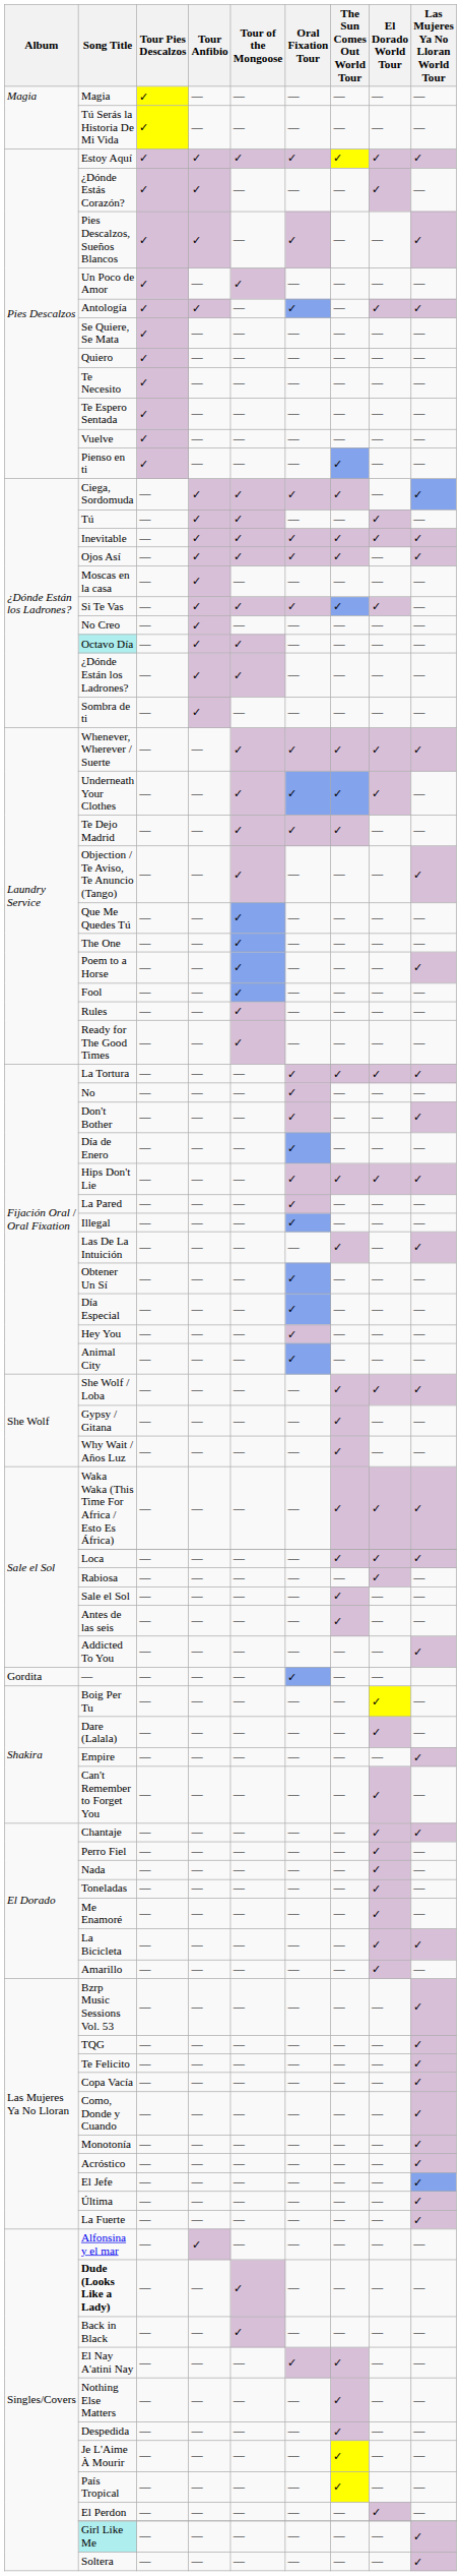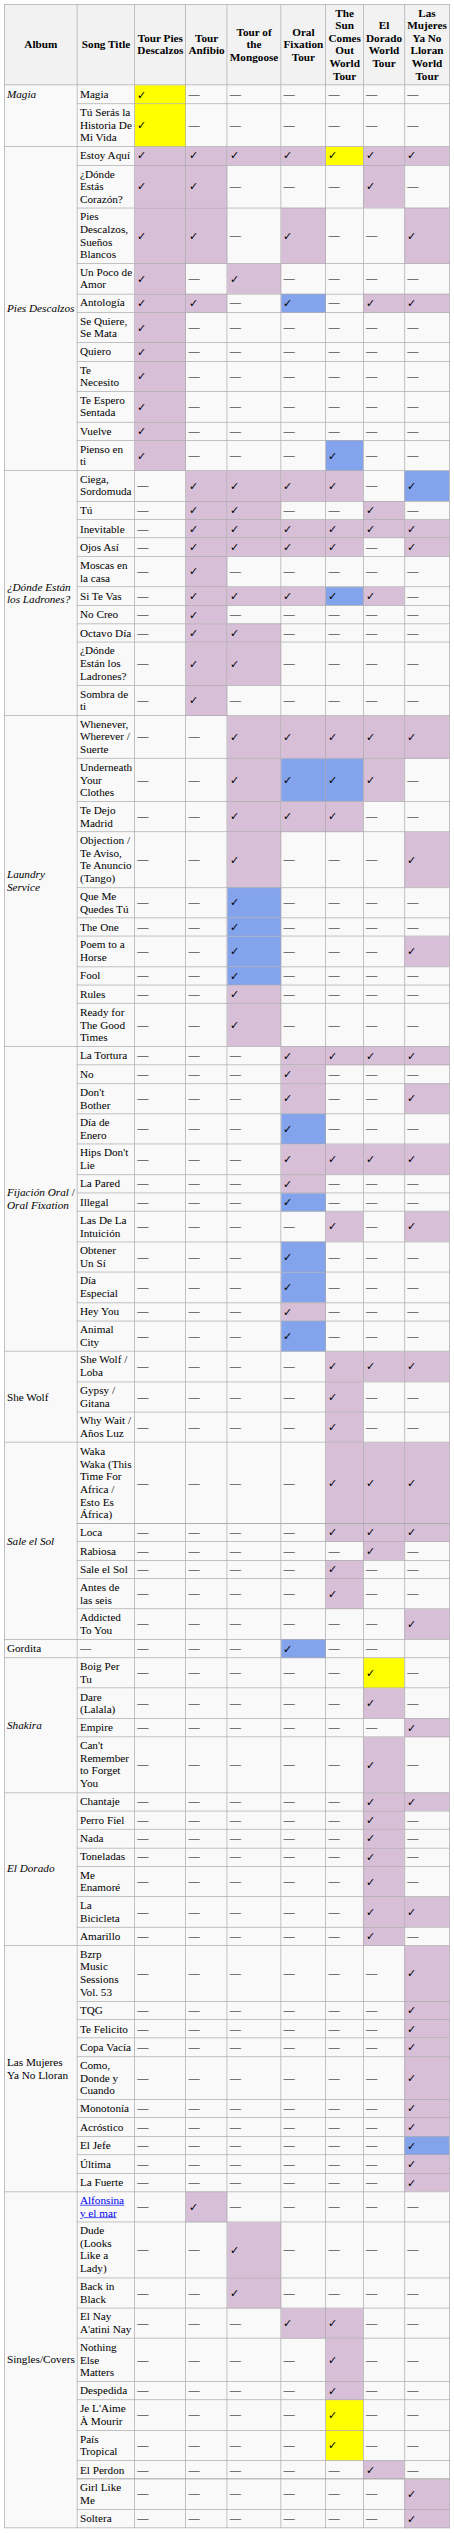 <table class="wikitable">
 <tr>
 <th>Album</th>
 <th>Song Title</th>
 <th>Tour Pies Descalzos</th>
 <th>Tour Anfibio</th>
 <th>Tour of the Mongoose</th>
 <th>Oral Fixation Tour</th>
 <th>The Sun Comes Out World Tour</th>
 <th>El Dorado World Tour</th>
 <th>Las Mujeres Ya No Lloran World Tour</th>
 </tr>
 <tr valign="top">
 <td rowspan="2"><em>Magia</em></td>
 <td>Magia</td>
 <td style="background-color:#ffff00">✓</td>
 <td>—</td>
 <td>—</td>
 <td>—</td>
 <td>—</td>
 <td>—</td>
 <td>—</td>
 </tr>
 <tr>
 <td>Tú Serás la Historia De Mi Vida</td>
 <td style="background-color:#ffff00">✓</td>
 <td>—</td>
 <td>—</td>
 <td>—</td>
 <td>—</td>
 <td>—</td>
 <td>—</td>
 </tr>
 <tr>
 <td rowspan="11"><em>Pies Descalzos</em></td>
 <td>Estoy Aquí</td>
 <td style="background-color:#D8BFD8">✓</td>
 <td style="background-color:#D8BFD8">✓</td>
 <td style="background-color:#D8BFD8">✓</td>
 <td style="background-color:#D8BFD8">✓</td>
 <td style="background-color:#ffff00">✓</td>
 <td style="background-color:#D8BFD8">✓</td>
 <td style="background-color:#D8BFD8">✓</td>
 </tr>
 <tr>
 <td>¿Dónde Estás Corazón?</td>
 <td style="background-color:#D8BFD8">✓</td>
 <td style="background-color:#D8BFD8">✓</td>
 <td>—</td>
 <td>—</td>
 <td>—</td>
 <td style="background-color:#D8BFD8">✓</td>
 <td>—</td>
 </tr>
 <tr>
 <td>Pies Descalzos, Sueños Blancos</td>
 <td style="background-color:#D8BFD8">✓</td>
 <td style="background-color:#D8BFD8">✓</td>
 <td>—</td>
 <td style="background-color:#D8BFD8">✓</td>
 <td>—</td>
 <td>—</td>
 <td style="background-color:#D8BFD8">✓</td>
 </tr>
 <tr>
 <td>Un Poco de Amor</td>
 <td style="background-color:#D8BFD8">✓</td>
 <td>—</td>
 <td style="background-color:#D8BFD8">✓</td>
 <td>—</td>
 <td>—</td>
 <td>—</td>
 <td>—</td>
 </tr>
 <tr>
 <td>Antología</td>
 <td style="background-color:#D8BFD8">✓</td>
 <td style="background-color:#D8BFD8">✓</td>
 <td>—</td>
 <td style="background-color:#83a3ec">✓</td>
 <td>—</td>
 <td style="background-color:#D8BFD8">✓</td>
 <td style="background-color:#D8BFD8">✓</td>
 </tr>
 <tr>
 <td>Se Quiere, Se Mata</td>
 <td style="background-color:#D8BFD8">✓</td>
 <td>—</td>
 <td>—</td>
 <td>—</td>
 <td>—</td>
 <td>—</td>
 <td>—</td>
 </tr>
 <tr>
 <td>Quiero</td>
 <td style="background-color:#D8BFD8">✓</td>
 <td>—</td>
 <td>—</td>
 <td>—</td>
 <td>—</td>
 <td>—</td>
 <td>—</td>
 </tr>
 <tr>
 <td>Te Necesito</td>
 <td style="background-color:#D8BFD8">✓</td>
 <td>—</td>
 <td>—</td>
 <td>—</td>
 <td>—</td>
 <td>—</td>
 <td>—</td>
 </tr>
 <tr>
 <td>Te Espero Sentada</td>
 <td style="background-color:#D8BFD8">✓</td>
 <td>—</td>
 <td>—</td>
 <td>—</td>
 <td>—</td>
 <td>—</td>
 <td>—</td>
 </tr>
 <tr>
 <td>Vuelve</td>
 <td style="background-color:#D8BFD8">✓</td>
 <td>—</td>
 <td>—</td>
 <td>—</td>
 <td>—</td>
 <td>—</td>
 <td>—</td>
 </tr>
 <tr>
 <td>Pienso en ti</td>
 <td style="background-color:#D8BFD8">✓</td>
 <td>—</td>
 <td>—</td>
 <td>—</td>
 <td style="background-color:#83a3ec">✓</td>
 <td>—</td>
 <td>—</td>
 </tr>
 <tr>
 <td rowspan="10"><em>¿Dónde Están los Ladrones?</em></td>
 <td>Ciega, Sordomuda</td>
 <td>—</td>
 <td style="background-color:#D8BFD8">✓</td>
 <td style="background-color:#D8BFD8">✓</td>
 <td style="background-color:#D8BFD8">✓</td>
 <td style="background-color:#D8BFD8">✓</td>
 <td>—</td>
 <td style="background-color:#83a3ec">✓</td>
 </tr>
 <tr>
 <td>Tú</td>
 <td>—</td>
 <td style="background-color:#D8BFD8">✓</td>
 <td style="background-color:#D8BFD8">✓</td>
 <td>—</td>
 <td>—</td>
 <td style="background-color:#D8BFD8">✓</td>
 <td>—</td>
 </tr>
 <tr>
 <td>Inevitable</td>
 <td>—</td>
 <td style="background-color:#D8BFD8">✓</td>
 <td style="background-color:#D8BFD8">✓</td>
 <td style="background-color:#D8BFD8">✓</td>
 <td style="background-color:#D8BFD8">✓</td>
 <td style="background-color:#D8BFD8">✓</td>
 <td style="background-color:#D8BFD8">✓</td>
 </tr>
 <tr>
 <td>Ojos Así</td>
 <td>—</td>
 <td style="background-color:#D8BFD8">✓</td>
 <td style="background-color:#D8BFD8">✓</td>
 <td style="background-color:#D8BFD8">✓</td>
 <td style="background-color:#D8BFD8">✓</td>
 <td>—</td>
 <td style="background-color:#D8BFD8">✓</td>
 </tr>
 <tr>
 <td>Moscas en la casa</td>
 <td>—</td>
 <td style="background-color:#D8BFD8">✓</td>
 <td>—</td>
 <td>—</td>
 <td>—</td>
 <td>—</td>
 <td>—</td>
 </tr>
 <tr>
 <td>Si Te Vas</td>
 <td>—</td>
 <td style="background-color:#D8BFD8">✓</td>
 <td style="background-color:#D8BFD8">✓</td>
 <td style="background-color:#D8BFD8">✓</td>
 <td style="background-color:#83a3ec">✓</td>
 <td style="background-color:#D8BFD8">✓</td>
 <td>—</td>
 </tr>
 <tr>
 <td>No Creo</td>
 <td>—</td>
 <td style="background-color:#D8BFD8">✓</td>
 <td>—</td>
 <td>—</td>
 <td>—</td>
 <td>—</td>
 <td>—</td>
 </tr>
 <tr>
-<td style="background: paleturquoise;">Octavo Día</td>
+<td>Octavo Día</td>
 <td>—</td>
 <td style="background-color:#D8BFD8">✓</td>
 <td style="background-color:#D8BFD8">✓</td>
 <td>—</td>
 <td>—</td>
 <td>—</td>
 <td>—</td>
 </tr>
 <tr>
 <td>¿Dónde Están los Ladrones?</td>
 <td>—</td>
 <td style="background-color:#D8BFD8">✓</td>
 <td style="background-color:#D8BFD8">✓</td>
 <td>—</td>
 <td>—</td>
 <td>—</td>
 <td>—</td>
 </tr>
 <tr>
 <td>Sombra de ti</td>
 <td>—</td>
 <td style="background-color:#D8BFD8">✓</td>
 <td>—</td>
 <td>—</td>
 <td>—</td>
 <td>—</td>
 <td>—</td>
 </tr>
 <tr>
 <td rowspan="10"><em>Laundry Service</em></td>
 <td>Whenever, Wherever / Suerte</td>
 <td>—</td>
 <td>—</td>
 <td style="background-color:#D8BFD8">✓</td>
 <td style="background-color:#D8BFD8">✓</td>
 <td style="background-color:#D8BFD8">✓</td>
 <td style="background-color:#D8BFD8">✓</td>
 <td style="background-color:#D8BFD8">✓</td>
 </tr>
 <tr>
 <td>Underneath Your Clothes</td>
 <td>—</td>
 <td>—</td>
 <td style="background-color:#D8BFD8">✓</td>
 <td style="background-color:#83a3ec">✓</td>
 <td style="background-color:#83a3ec">✓</td>
 <td style="background-color:#D8BFD8">✓</td>
 <td>—</td>
 </tr>
 <tr>
 <td>Te Dejo Madrid</td>
 <td>—</td>
 <td>—</td>
 <td style="background-color:#D8BFD8">✓</td>
 <td style="background-color:#D8BFD8">✓</td>
 <td style="background-color:#D8BFD8">✓</td>
 <td>—</td>
 <td>—</td>
 </tr>
 <tr>
 <td>Objection / Te Aviso, Te Anuncio (Tango)</td>
 <td>—</td>
 <td>—</td>
 <td style="background-color:#D8BFD8">✓</td>
 <td>—</td>
 <td>—</td>
 <td>—</td>
 <td style="background-color:#D8BFD8">✓</td>
 </tr>
 <tr>
 <td>Que Me Quedes Tú</td>
 <td>—</td>
 <td>—</td>
 <td style="background-color:#83a3ec">✓</td>
 <td>—</td>
 <td>—</td>
 <td>—</td>
 <td>—</td>
 </tr>
 <tr>
 <td>The One</td>
 <td>—</td>
 <td>—</td>
 <td style="background-color:#83a3ec">✓</td>
 <td>—</td>
 <td>—</td>
 <td>—</td>
 <td>—</td>
 </tr>
 <tr>
 <td>Poem to a Horse</td>
 <td>—</td>
 <td>—</td>
 <td style="background-color:#83a3ec">✓</td>
 <td>—</td>
 <td>—</td>
 <td>—</td>
 <td style="background-color:#D8BFD8">✓</td>
 </tr>
 <tr>
 <td>Fool</td>
 <td>—</td>
 <td>—</td>
 <td style="background-color:#83a3ec">✓</td>
 <td>—</td>
 <td>—</td>
 <td>—</td>
 <td>—</td>
 </tr>
 <tr>
 <td>Rules</td>
 <td>—</td>
 <td>—</td>
 <td style="background-color:#D8BFD8">✓</td>
 <td>—</td>
 <td>—</td>
 <td>—</td>
 <td>—</td>
 </tr>
 <tr>
 <td>Ready for The Good Times</td>
 <td>—</td>
 <td>—</td>
 <td style="background-color:#D8BFD8">✓</td>
 <td>—</td>
 <td>—</td>
 <td>—</td>
 <td>—</td>
 </tr>
 <tr>
 <td rowspan="12"><em>Fijación Oral</em> / <em>Oral Fixation</em></td>
 <td>La Tortura</td>
 <td>—</td>
 <td>—</td>
 <td>—</td>
 <td style="background-color:#D8BFD8">✓</td>
 <td style="background-color:#D8BFD8">✓</td>
 <td style="background-color:#D8BFD8">✓</td>
 <td style="background-color:#D8BFD8">✓</td>
 </tr>
 <tr>
 <td>No</td>
 <td>—</td>
 <td>—</td>
 <td>—</td>
 <td style="background-color:#D8BFD8">✓</td>
 <td>—</td>
 <td>—</td>
 <td>—</td>
 </tr>
 <tr>
 <td>Don't Bother</td>
 <td>—</td>
 <td>—</td>
 <td>—</td>
 <td style="background-color:#D8BFD8">✓</td>
 <td>—</td>
 <td>—</td>
 <td style="background-color:#D8BFD8">✓</td>
 </tr>
 <tr>
 <td>Día de Enero</td>
 <td>—</td>
 <td>—</td>
 <td>—</td>
 <td style="background-color:#83a3ec">✓</td>
 <td>—</td>
 <td>—</td>
 <td>—</td>
 </tr>
 <tr>
 <td>Hips Don't Lie</td>
 <td>—</td>
 <td>—</td>
 <td>—</td>
 <td style="background-color:#D8BFD8">✓</td>
 <td style="background-color:#D8BFD8">✓</td>
 <td style="background-color:#D8BFD8">✓</td>
 <td style="background-color:#D8BFD8">✓</td>
 </tr>
 <tr>
 <td>La Pared</td>
 <td>—</td>
 <td>—</td>
 <td>—</td>
 <td style="background-color:#D8BFD8">✓</td>
 <td>—</td>
 <td>—</td>
 <td>—</td>
 </tr>
 <tr>
 <td>Illegal</td>
 <td>—</td>
 <td>—</td>
 <td>—</td>
 <td style="background-color:#83a3ec">✓</td>
 <td>—</td>
 <td>—</td>
 <td>—</td>
 </tr>
 <tr>
 <td>Las De La Intuición</td>
 <td>—</td>
 <td>—</td>
 <td>—</td>
 <td>—</td>
 <td style="background-color:#D8BFD8">✓</td>
 <td>—</td>
 <td style="background-color:#D8BFD8">✓</td>
 </tr>
 <tr>
 <td>Obtener Un Sí</td>
 <td>—</td>
 <td>—</td>
 <td>—</td>
 <td style="background-color:#83a3ec">✓</td>
 <td>—</td>
 <td>—</td>
 <td>—</td>
 </tr>
 <tr>
 <td>Día Especial</td>
 <td>—</td>
 <td>—</td>
 <td>—</td>
 <td style="background-color:#83a3ec">✓</td>
 <td>—</td>
 <td>—</td>
 <td>—</td>
 </tr>
 <tr>
 <td>Hey You</td>
 <td>—</td>
 <td>—</td>
 <td>—</td>
 <td style="background-color:#D8BFD8">✓</td>
 <td>—</td>
 <td>—</td>
 <td>—</td>
 </tr>
 <tr>
 <td>Animal City</td>
 <td>—</td>
 <td>—</td>
 <td>—</td>
 <td style="background-color:#83a3ec">✓</td>
 <td>—</td>
 <td>—</td>
 <td>—</td>
 </tr>
 <tr>
 <td rowspan="3">She Wolf</td>
 <td>She Wolf / Loba</td>
 <td>—</td>
 <td>—</td>
 <td>—</td>
 <td>—</td>
 <td style="background-color:#D8BFD8">✓</td>
 <td style="background-color:#D8BFD8">✓</td>
 <td style="background-color:#D8BFD8">✓</td>
 </tr>
 <tr>
 <td>Gypsy / Gitana</td>
 <td>—</td>
 <td>—</td>
 <td>—</td>
 <td>—</td>
 <td style="background-color:#D8BFD8">✓</td>
 <td>—</td>
 <td>—</td>
 </tr>
 <tr>
 <td>Why Wait / Años Luz</td>
 <td>—</td>
 <td>—</td>
 <td>—</td>
 <td>—</td>
 <td style="background-color:#D8BFD8">✓</td>
 <td>—</td>
 <td>—</td>
 </tr>
 <tr>
 <td rowspan="7"><em>Sale el Sol</em></td>
 <td>Waka Waka (This Time For Africa / Esto Es África)</td>
 <td>—</td>
 <td>—</td>
 <td>—</td>
 <td>—</td>
 <td style="background-color:#D8BFD8">✓</td>
 <td style="background-color:#D8BFD8">✓</td>
 <td style="background-color:#D8BFD8">✓</td>
 </tr>
 <tr>
 </tr>
 <tr>
 <td>Loca</td>
 <td>—</td>
 <td>—</td>
 <td>—</td>
 <td>—</td>
 <td style="background-color:#D8BFD8">✓</td>
 <td style="background-color:#D8BFD8">✓</td>
 <td style="background-color:#D8BFD8">✓</td>
 </tr>
 <tr>
 <td>Rabiosa</td>
 <td>—</td>
 <td>—</td>
 <td>—</td>
 <td>—</td>
 <td>—</td>
 <td style="background-color:#D8BFD8">✓</td>
 <td>—</td>
 </tr>
 <tr>
 <td>Sale el Sol</td>
 <td>—</td>
 <td>—</td>
 <td>—</td>
 <td>—</td>
 <td style="background-color:#D8BFD8">✓</td>
 <td>—</td>
 <td>—</td>
 </tr>
 <tr>
 <td>Antes de las seis</td>
 <td>—</td>
 <td>—</td>
 <td>—</td>
 <td>—</td>
 <td style="background-color:#D8BFD8">✓</td>
 <td>—</td>
 <td>—</td>
 </tr>
 <tr>
 <td>Addicted To You</td>
 <td>—</td>
 <td>—</td>
 <td>—</td>
 <td>—</td>
 <td>—</td>
 <td>—</td>
 <td style="background-color:#D8BFD8">✓</td>
 </tr>
 <tr>
 <td>Gordita</td>
 <td>—</td>
 <td>—</td>
 <td>—</td>
 <td>—</td>
 <td style="background-color:#83a3ec">✓</td>
 <td>—</td>
 <td>—</td>
 </tr>
 <tr>
 <td rowspan="4"><em>Shakira</em></td>
 <td>Boig Per Tu</td>
 <td>—</td>
 <td>—</td>
 <td>—</td>
 <td>—</td>
 <td>—</td>
 <td style="background-color:#ffff00">✓</td>
 <td>—</td>
 </tr>
 <tr>
 <td>Dare (Lalala)</td>
 <td>—</td>
 <td>—</td>
 <td>—</td>
 <td>—</td>
 <td>—</td>
 <td style="background-color:#D8BFD8">✓</td>
 <td>—</td>
 </tr>
 <tr>
 <td>Empire</td>
 <td>—</td>
 <td>—</td>
 <td>—</td>
 <td>—</td>
 <td>—</td>
 <td>—</td>
 <td style="background-color:#D8BFD8">✓</td>
 </tr>
 <tr>
 <td>Can't Remember to Forget You</td>
 <td>—</td>
 <td>—</td>
 <td>—</td>
 <td>—</td>
 <td>—</td>
 <td style="background-color:#D8BFD8">✓</td>
 <td>—</td>
 </tr>
 <tr>
 <td rowspan="7"><em>El Dorado</em></td>
 <td>Chantaje</td>
 <td>—</td>
 <td>—</td>
 <td>—</td>
 <td>—</td>
 <td>—</td>
 <td style="background-color:#D8BFD8">✓</td>
 <td style="background-color:#D8BFD8">✓</td>
 </tr>
 <tr>
 <td>Perro Fiel</td>
 <td>—</td>
 <td>—</td>
 <td>—</td>
 <td>—</td>
 <td>—</td>
 <td style="background-color:#D8BFD8">✓</td>
 <td>—</td>
 </tr>
 <tr>
 <td>Nada</td>
 <td>—</td>
 <td>—</td>
 <td>—</td>
 <td>—</td>
 <td>—</td>
 <td style="background-color:#D8BFD8">✓</td>
 <td>—</td>
 </tr>
 <tr>
 <td>Toneladas</td>
 <td>—</td>
 <td>—</td>
 <td>—</td>
 <td>—</td>
 <td>—</td>
 <td style="background-color:#D8BFD8">✓</td>
 <td>—</td>
 </tr>
 <tr>
 <td>Me Enamoré</td>
 <td>—</td>
 <td>—</td>
 <td>—</td>
 <td>—</td>
 <td>—</td>
 <td style="background-color:#D8BFD8">✓</td>
 <td>—</td>
 </tr>
 <tr>
 <td>La Bicicleta</td>
 <td>—</td>
 <td>—</td>
 <td>—</td>
 <td>—</td>
 <td>—</td>
 <td style="background-color:#D8BFD8">✓</td>
 <td style="background-color:#D8BFD8">✓</td>
 </tr>
 <tr>
 <td>Amarillo</td>
 <td>—</td>
 <td>—</td>
 <td>—</td>
 <td>—</td>
 <td>—</td>
 <td style="background-color:#D8BFD8">✓</td>
 <td>—</td>
 </tr>
 <tr>
 <td rowspan="10">Las Mujeres Ya No Lloran</td>
 <td>Bzrp Music Sessions Vol. 53</td>
 <td>—</td>
 <td>—</td>
 <td>—</td>
 <td>—</td>
 <td>—</td>
 <td>—</td>
 <td style="background-color:#D8BFD8">✓</td>
 </tr>
 <tr>
 <td>TQG</td>
 <td>—</td>
 <td>—</td>
 <td>—</td>
 <td>—</td>
 <td>—</td>
 <td>—</td>
 <td style="background-color:#D8BFD8">✓</td>
 </tr>
 <tr>
 <td>Te Felicito</td>
 <td>—</td>
 <td>—</td>
 <td>—</td>
 <td>—</td>
 <td>—</td>
 <td>—</td>
 <td style="background-color:#D8BFD8">✓</td>
 </tr>
 <tr>
 <td>Copa Vacía</td>
 <td>—</td>
 <td>—</td>
 <td>—</td>
 <td>—</td>
 <td>—</td>
 <td>—</td>
 <td style="background-color:#D8BFD8">✓</td>
 </tr>
 <tr>
 <td>Como, Donde y Cuando</td>
 <td>—</td>
 <td>—</td>
 <td>—</td>
 <td>—</td>
 <td>—</td>
 <td>—</td>
 <td style="background-color:#D8BFD8">✓</td>
 </tr>
 <tr>
 <td>Monotonía</td>
 <td>—</td>
 <td>—</td>
 <td>—</td>
 <td>—</td>
 <td>—</td>
 <td>—</td>
 <td style="background-color:#D8BFD8">✓</td>
 </tr>
 <tr>
 <td>Acróstico</td>
 <td>—</td>
 <td>—</td>
 <td>—</td>
 <td>—</td>
 <td>—</td>
 <td>—</td>
 <td style="background-color:#D8BFD8">✓</td>
 </tr>
 <tr>
 <td>El Jefe</td>
 <td>—</td>
 <td>—</td>
 <td>—</td>
 <td>—</td>
 <td>—</td>
 <td>—</td>
 <td style="background-color:#83a3ec">✓</td>
 </tr>
 <tr>
 <td>Última</td>
 <td>—</td>
 <td>—</td>
 <td>—</td>
 <td>—</td>
 <td>—</td>
 <td>—</td>
 <td style="background-color:#D8BFD8">✓</td>
 </tr>
 <tr>
 <td>La Fuerte</td>
 <td>—</td>
 <td>—</td>
 <td>—</td>
 <td>—</td>
 <td>—</td>
 <td>—</td>
 <td style="background-color:#D8BFD8">✓</td>
 </tr>
 <tr>
 <td rowspan="12">Singles/Covers</td>
 <td><a href='#'>Alfonsina y el mar</a></td>
 <td>—</td>
 <td style="background-color:#D8BFD8">✓</td>
 <td>—</td>
 <td>—</td>
 <td>—</td>
 <td>—</td>
 <td>—</td>
 </tr>
 <tr>
-<td><strong>Dude (Looks Like a Lady)</strong></td>
+<td>Dude (Looks Like a Lady)</td>
 <td>—</td>
 <td>—</td>
 <td style="background-color:#D8BFD8">✓</td>
 <td>—</td>
 <td>—</td>
 <td>—</td>
 <td>—</td>
 </tr>
 <tr>
 <td>Back in Black</td>
 <td>—</td>
 <td>—</td>
 <td style="background-color:#D8BFD8">✓</td>
 <td>—</td>
 <td>—</td>
 <td>—</td>
 <td>—</td>
 </tr>
 <tr>
 <td>El Nay A'atini Nay</td>
 <td>—</td>
 <td>—</td>
 <td>—</td>
 <td style="background-color:#D8BFD8">✓</td>
 <td style="background-color:#D8BFD8">✓</td>
 <td>—</td>
 <td>—</td>
 </tr>
 <tr>
 <td>Nothing Else Matters</td>
 <td>—</td>
 <td>—</td>
 <td>—</td>
 <td>—</td>
 <td style="background-color:#D8BFD8">✓</td>
 <td>—</td>
 <td>—</td>
 </tr>
 <tr>
 <td>Despedida</td>
 <td>—</td>
 <td>—</td>
 <td>—</td>
 <td>—</td>
 <td style="background-color:#D8BFD8">✓</td>
 <td>—</td>
 <td>—</td>
 </tr>
 <tr>
 <td>Je L'Aime À Mourir</td>
 <td>—</td>
 <td>—</td>
 <td>—</td>
 <td>—</td>
 <td style="background-color:#ffff00">✓</td>
 <td>—</td>
 <td>—</td>
 </tr>
 <tr>
 <td>País Tropical</td>
 <td>—</td>
 <td>—</td>
 <td>—</td>
 <td>—</td>
 <td style="background-color:#ffff00">✓</td>
 <td>—</td>
 <td>—</td>
 </tr>
 <tr>
 <td>El Perdon</td>
 <td>—</td>
 <td>—</td>
 <td>—</td>
 <td>—</td>
 <td>—</td>
 <td style="background-color:#D8BFD8">✓</td>
 <td>—</td>
 </tr>
 <tr>
 </tr>
 <tr>
-<td style="background: paleturquoise;">Girl Like Me</td>
+<td>Girl Like Me</td>
 <td>—</td>
 <td>—</td>
 <td>—</td>
 <td>—</td>
 <td>—</td>
 <td>—</td>
 <td style="background-color:#D8BFD8">✓</td>
 </tr>
 <tr>
 <td>Soltera</td>
 <td>—</td>
 <td>—</td>
 <td>—</td>
 <td>—</td>
 <td>—</td>
 <td>—</td>
 <td style="background-color:#D8BFD8">✓</td>
 </tr>
 </table>
